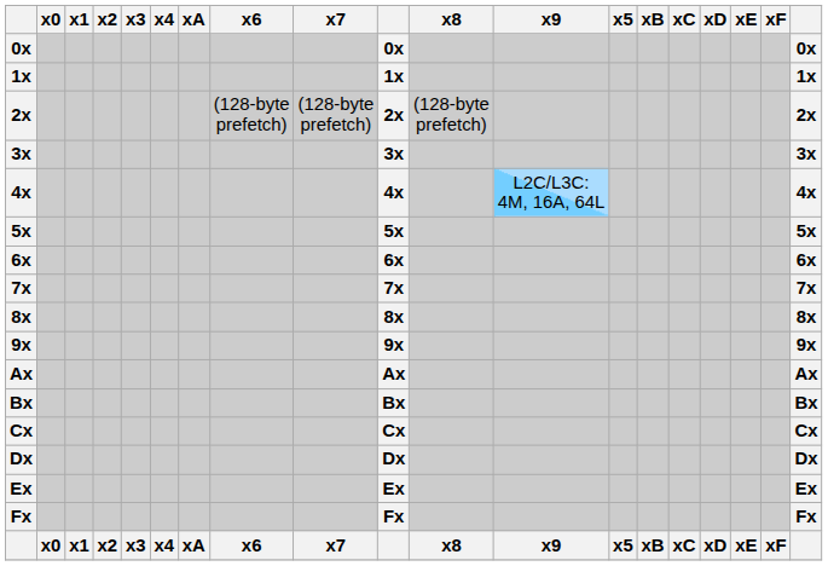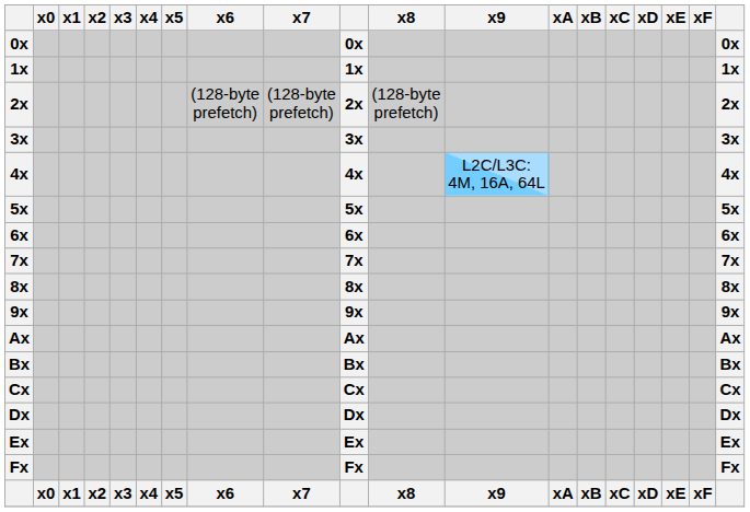 <table class="wikitable" style="background:#ccc; color: black; vertical-align: middle; text-align: center">
 <tr>
 <th></th>
 <th>x0</th>
 <th>x1</th>
 <th>x2</th>
 <th>x3</th>
 <th>x4</th>
-<th>xA</th>
+<th>x5</th>
 <th>x6</th>
 <th>x7</th>
 <th></th>
 <th>x8</th>
 <th>x9</th>
-<th>x5</th>
+<th>xA</th>
 <th>xB</th>
 <th>xC</th>
 <th>xD</th>
 <th>xE</th>
 <th>xF</th>
 <th></th>
 </tr>
 <tr>
 <th>0x</th>
 <td></td>
 <td></td>
 <td></td>
 <td></td>
 <td></td>
 <td></td>
 <td></td>
 <td></td>
 <th>0x</th>
 <td></td>
 <td></td>
 <td></td>
 <td></td>
 <td></td>
 <td></td>
 <td></td>
 <td></td>
 <th>0x</th>
 </tr>
 <tr>
 <th>1x</th>
 <td></td>
 <td></td>
 <td></td>
 <td></td>
 <td></td>
 <td></td>
 <td></td>
 <td></td>
 <th>1x</th>
 <td></td>
 <td></td>
 <td></td>
 <td></td>
 <td></td>
 <td></td>
 <td></td>
 <td></td>
 <th>1x</th>
 </tr>
 <tr>
 <th>2x</th>
 <td></td>
 <td></td>
 <td></td>
 <td></td>
 <td></td>
 <td></td>
 <td>(128-byte<br>prefetch)</td>
 <td>(128-byte<br>prefetch)</td>
 <th>2x</th>
 <td>(128-byte<br>prefetch)</td>
 <td></td>
 <td></td>
 <td></td>
 <td></td>
 <td></td>
 <td></td>
 <td></td>
 <th>2x</th>
 </tr>
 <tr>
 <th>3x</th>
 <td></td>
 <td></td>
 <td></td>
 <td></td>
 <td></td>
 <td></td>
 <td></td>
 <td></td>
 <th>3x</th>
 <td></td>
 <td></td>
 <td></td>
 <td></td>
 <td></td>
 <td></td>
 <td></td>
 <td></td>
 <th>3x</th>
 </tr>
 <tr>
 <th>4x</th>
 <td></td>
 <td></td>
 <td></td>
 <td></td>
 <td></td>
 <td></td>
 <td></td>
 <td></td>
 <th>4x</th>
 <td></td>
 <td style="background: linear-gradient(to top right, #73CEFF 0%, #73CEFF 50%, #AADCFE 50%, #AADCFE); color: black; vertical-align: middle; text-align: center">L2C/L3C:<br>4M, 16A, 64L</td>
 <td></td>
 <td></td>
 <td></td>
 <td></td>
 <td></td>
 <td></td>
 <th>4x</th>
 </tr>
 <tr>
 <th>5x</th>
 <td></td>
 <td></td>
 <td></td>
 <td></td>
 <td></td>
 <td></td>
 <td></td>
 <td></td>
 <th>5x</th>
 <td></td>
 <td></td>
 <td></td>
 <td></td>
 <td></td>
 <td></td>
 <td></td>
 <td></td>
 <th>5x</th>
 </tr>
 <tr>
 <th>6x</th>
 <td></td>
 <td></td>
 <td></td>
 <td></td>
 <td></td>
 <td></td>
 <td></td>
 <td></td>
 <th>6x</th>
 <td></td>
 <td></td>
 <td></td>
 <td></td>
 <td></td>
 <td></td>
 <td></td>
 <td></td>
 <th>6x</th>
 </tr>
 <tr>
 <th>7x</th>
 <td></td>
 <td></td>
 <td></td>
 <td></td>
 <td></td>
 <td></td>
 <td></td>
 <td></td>
 <th>7x</th>
 <td></td>
 <td></td>
 <td></td>
 <td></td>
 <td></td>
 <td></td>
 <td></td>
 <td></td>
 <th>7x</th>
 </tr>
 <tr>
 <th>8x</th>
 <td></td>
 <td></td>
 <td></td>
 <td></td>
 <td></td>
 <td></td>
 <td></td>
 <td></td>
 <th>8x</th>
 <td></td>
 <td></td>
 <td></td>
 <td></td>
 <td></td>
 <td></td>
 <td></td>
 <td></td>
 <th>8x</th>
 </tr>
 <tr>
 <th>9x</th>
 <td></td>
 <td></td>
 <td></td>
 <td></td>
 <td></td>
 <td></td>
 <td></td>
 <td></td>
 <th>9x</th>
 <td></td>
 <td></td>
 <td></td>
 <td></td>
 <td></td>
 <td></td>
 <td></td>
 <td></td>
 <th>9x</th>
 </tr>
 <tr>
 <th>Ax</th>
 <td></td>
 <td></td>
 <td></td>
 <td></td>
 <td></td>
 <td></td>
 <td></td>
 <td></td>
 <th>Ax</th>
 <td></td>
 <td></td>
 <td></td>
 <td></td>
 <td></td>
 <td></td>
 <td></td>
 <td></td>
 <th>Ax</th>
 </tr>
 <tr>
 <th>Bx</th>
 <td></td>
 <td></td>
 <td></td>
 <td></td>
 <td></td>
 <td></td>
 <td></td>
 <td></td>
 <th>Bx</th>
 <td></td>
 <td></td>
 <td></td>
 <td></td>
 <td></td>
 <td></td>
 <td></td>
 <td></td>
 <th>Bx</th>
 </tr>
 <tr>
 <th>Cx</th>
 <td></td>
 <td></td>
 <td></td>
 <td></td>
 <td></td>
 <td></td>
 <td></td>
 <td></td>
 <th>Cx</th>
 <td></td>
 <td></td>
 <td></td>
 <td></td>
 <td></td>
 <td></td>
 <td></td>
 <td></td>
 <th>Cx</th>
 </tr>
 <tr>
 <th>Dx</th>
 <td></td>
 <td></td>
 <td></td>
 <td></td>
 <td></td>
 <td></td>
 <td></td>
 <td></td>
 <th>Dx</th>
 <td></td>
 <td></td>
 <td></td>
 <td></td>
 <td></td>
 <td></td>
 <td></td>
 <td></td>
 <th>Dx</th>
 </tr>
 <tr>
 <th>Ex</th>
 <td></td>
 <td></td>
 <td></td>
 <td></td>
 <td></td>
 <td></td>
 <td></td>
 <td></td>
 <th>Ex</th>
 <td></td>
 <td></td>
 <td></td>
 <td></td>
 <td></td>
 <td></td>
 <td></td>
 <td></td>
 <th>Ex</th>
 </tr>
 <tr>
 <th>Fx</th>
 <td></td>
 <td></td>
 <td></td>
 <td></td>
 <td></td>
 <td></td>
 <td></td>
 <td></td>
 <th>Fx</th>
 <td></td>
 <td></td>
 <td></td>
 <td></td>
 <td></td>
 <td></td>
 <td></td>
 <td></td>
 <th>Fx</th>
 </tr>
 <tr>
 <th></th>
 <th>x0</th>
 <th>x1</th>
 <th>x2</th>
 <th>x3</th>
 <th>x4</th>
-<th>xA</th>
+<th>x5</th>
 <th>x6</th>
 <th>x7</th>
 <th></th>
 <th>x8</th>
 <th>x9</th>
-<th>x5</th>
+<th>xA</th>
 <th>xB</th>
 <th>xC</th>
 <th>xD</th>
 <th>xE</th>
 <th>xF</th>
 <th></th>
 </tr>
 </table>
